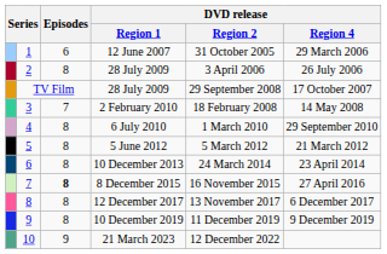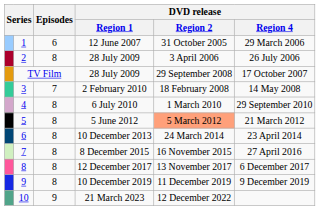 <table class="wikitable" style="text-align:center">
 <tr>
 <th colspan="2" rowspan="2">Series</th>
 <th rowspan="2">Episodes</th>
 <th colspan="3">DVD release</th>
 </tr>
 <tr>
 <th><a href='#'>Region 1</a></th>
 <th><a href='#'>Region 2</a></th>
 <th><a href='#'>Region 4</a></th>
 </tr>
 <tr>
 <td style="background:#9cf; width:8px;"></td>
 <td><a href='#'>1</a></td>
 <td>6</td>
 <td>12 June 2007</td>
 <td>31 October 2005</td>
 <td>29 March 2006</td>
 </tr>
 <tr>
 <td style="background:#AC002B;"></td>
 <td><a href='#'>2</a></td>
 <td>8</td>
 <td>28 July 2009</td>
 <td>3 April 2006</td>
 <td>26 July 2006</td>
 </tr>
 <tr>
 <td style="background:#E49B0F;"></td>
 <td colspan=2><a href='#'>TV Film</a></td>
 <td>28 July 2009</td>
 <td>29 September 2008</td>
 <td>17 October 2007</td>
 </tr>
 <tr>
 <td style="background:#3c9;"></td>
 <td><a href='#'>3</a></td>
 <td>7</td>
 <td>2 February 2010</td>
 <td>18 February 2008</td>
 <td>14 May 2008</td>
 </tr>
 <tr>
 <td style="background:#D3A7CB;"></td>
 <td><a href='#'>4</a></td>
 <td>8</td>
 <td>6 July 2010</td>
 <td>1 March 2010</td>
 <td>29 September 2010</td>
 </tr>
 <tr>
 <td style="background:#000;"></td>
 <td><a href='#'>5</a></td>
 <td>8</td>
 <td>5 June 2012</td>
-<td>5 March 2012</td>
+<td style="background: lightsalmon;">5 March 2012</td>
 <td>21 March 2012</td>
 </tr>
 <tr>
 <td style="background:#014675;"></td>
 <td><a href='#'>6</a></td>
 <td>8</td>
 <td>10 December 2013</td>
 <td>24 March 2014</td>
 <td>23 April 2014</td>
 </tr>
 <tr>
 <td style="background:#D0F0C0;"></td>
 <td><a href='#'>7</a></td>
-<td><strong>8</strong></td>
+<td>8</td>
 <td>8 December 2015</td>
 <td>16 November 2015</td>
 <td>27 April 2016</td>
 </tr>
 <tr>
 <td style="background:#ff579b;"></td>
 <td><a href='#'>8</a></td>
 <td>8</td>
 <td>12 December 2017</td>
 <td>13 November 2017</td>
 <td>6 December 2017</td>
 </tr>
 <tr>
 <td style="background:#1628E3;"></td>
 <td><a href='#'>9</a></td>
 <td>8</td>
 <td>10 December 2019</td>
 <td>11 December 2019</td>
 <td>9 December 2019</td>
 </tr>
 <tr>
 <td style="background:#50A489;"></td>
 <td><a href='#'>10</a></td>
 <td>9</td>
 <td>21 March 2023</td>
 <td>12 December 2022</td>
 <td></td>
 </tr>
 </table>
